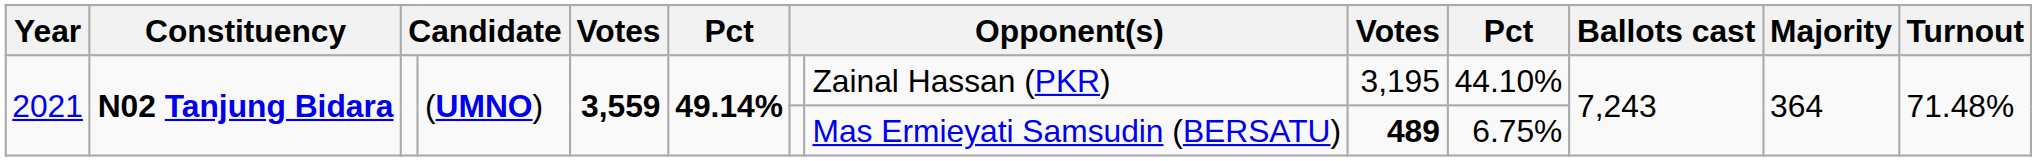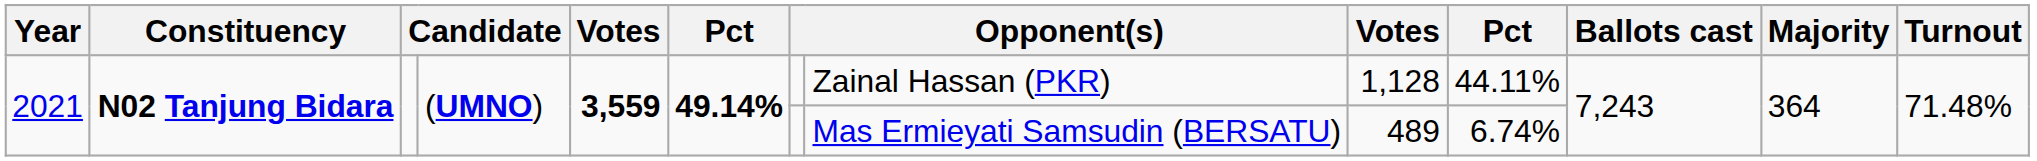 <table class="wikitable" style="margin:0.5em ; font-size:95%">
 <tr>
 <th>Year</th>
 <th>Constituency</th>
 <th colspan=2>Candidate</th>
 <th>Votes</th>
 <th>Pct</th>
 <th colspan=2>Opponent(s)</th>
 <th>Votes</th>
 <th>Pct</th>
 <th>Ballots cast</th>
 <th>Majority</th>
 <th>Turnout</th>
 </tr>
 <tr>
 <td rowspan=2><a href='#'>2021</a></td>
 <td rowspan=2><strong>N02 <a href='#'>Tanjung Bidara</a></strong></td>
 <td rowspan=2 ></td>
 <td rowspan=2> (<a href='#'><strong>UMNO</strong></a>)</td>
 <td rowspan=2 align="right"><strong>3,559</strong></td>
 <td rowspan=2><strong>49.14%</strong></td>
 <td bgcolor=></td>
 <td>Zainal Hassan (<a href='#'>PKR</a>)</td>
-<td align="right">3,195</td>
-<td>44.10%</td>
+<td align="right">1,128</td>
+<td>44.11%</td>
 <td rowspan=2>7,243</td>
 <td rowspan=2>364</td>
 <td rowspan=2>71.48%</td>
 </tr>
 <tr>
 <td></td>
 <td><a href='#'>Mas Ermieyati Samsudin</a> (<a href='#'>BERSATU</a>)</td>
-<td align="right"><strong>489</strong></td>
-<td align="right">6.75%</td>
+<td align="right">489</td>
+<td align="right">6.74%</td>
 </tr>
 </table>
